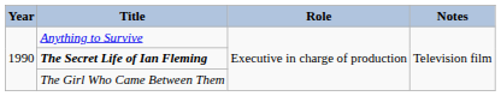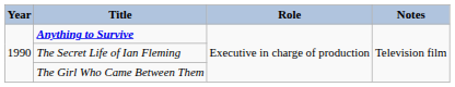 <table class="wikitable" style="font-size:95%;">
 <tr>
 <th style="background:#B0C4DE;">Year</th>
 <th style="background:#B0C4DE;">Title</th>
 <th style="background:#B0C4DE;">Role</th>
 <th style="background:#B0C4DE;">Notes</th>
 </tr>
 <tr>
 <td rowspan=3>1990</td>
-<td><em><a href='#'>Anything to Survive</a></em></td>
+<td><strong><em><a href='#'>Anything to Survive</a></em></strong></td>
 <td rowspan=3>Executive in charge of production</td>
 <td rowspan=3>Television film</td>
 </tr>
 <tr>
-<td><strong><em>The Secret Life of Ian Fleming</em></strong></td>
+<td><em>The Secret Life of Ian Fleming</em></td>
 </tr>
 <tr>
 <td><em>The Girl Who Came Between Them</em></td>
 </tr>
 </table>
